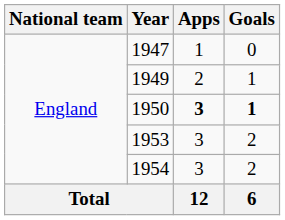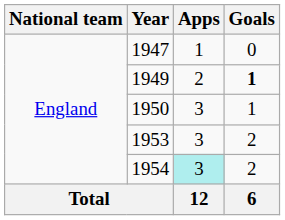 <table class="wikitable" style="text-align:center">
 <tr>
 <th>National team</th>
 <th>Year</th>
 <th>Apps</th>
 <th>Goals</th>
 </tr>
 <tr>
 <td rowspan="5"><a href='#'>England</a></td>
 <td>1947</td>
 <td>1</td>
 <td>0</td>
 </tr>
 <tr>
 <td>1949</td>
 <td>2</td>
-<td>1</td>
+<td><strong>1</strong></td>
 </tr>
 <tr>
 <td>1950</td>
-<td><strong>3</strong></td>
-<td><strong>1</strong></td>
+<td>3</td>
+<td>1</td>
 </tr>
 <tr>
 <td>1953</td>
 <td>3</td>
 <td>2</td>
 </tr>
 <tr>
 <td>1954</td>
-<td>3</td>
+<td style="background: paleturquoise;">3</td>
 <td>2</td>
 </tr>
 <tr>
 <th colspan="2">Total</th>
 <th>12</th>
 <th>6</th>
 </tr>
 </table>
